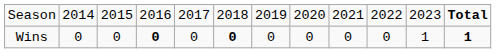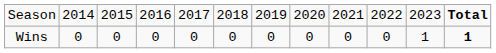 <table class="wikitable sortable">
 <tr>
 <td>Season</td>
 <td>2014</td>
 <td>2015</td>
 <td>2016</td>
 <td>2017</td>
 <td>2018</td>
 <td>2019</td>
 <td>2020</td>
 <td>2021</td>
 <td>2022</td>
 <td>2023</td>
 <td><strong>Total</strong></td>
 </tr>
 <tr style=text-align:center>
 <td>Wins</td>
 <td>0</td>
 <td>0</td>
-<td><strong>0</strong></td>
 <td>0</td>
-<td><strong>0</strong></td>
+<td>0</td>
+<td>0</td>
 <td>0</td>
 <td>0</td>
 <td>0</td>
 <td>0</td>
 <td>1</td>
 <td><strong>1</strong></td>
 </tr>
 </table>
